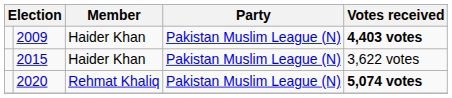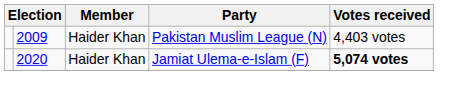 <table class="wikitable">
 <tr>
 <th colspan="2">Election</th>
 <th>Member</th>
 <th>Party</th>
 <th>Votes received</th>
 </tr>
 <tr>
 <td style="background-color:  "></td>
 <td><a href='#'>2009</a></td>
 <td>Haider Khan</td>
 <td><a href='#'>Pakistan Muslim League (N)</a></td>
-<td><strong>4,403 votes</strong></td>
-</tr>
-<tr>
-<td style="background-color: "></td>
-<td><a href='#'>2015</a></td>
-<td>Haider Khan</td>
-<td><a href='#'>Pakistan Muslim League (N)</a></td>
-<td>3,622 votes</td>
+<td>4,403 votes</td>
 </tr>
 <tr>
 <td style="background-color:  "></td>
 <td><a href='#'>2020</a></td>
-<td><a href='#'>Rehmat Khaliq</a></td>
-<td><a href='#'>Pakistan Muslim League (N)</a></td>
+<td>Haider Khan</td>
+<td><a href='#'>Jamiat Ulema-e-Islam (F)</a></td>
 <td><strong>5,074 votes</strong></td>
 </tr>
 <tr>
 </tr>
 </table>
